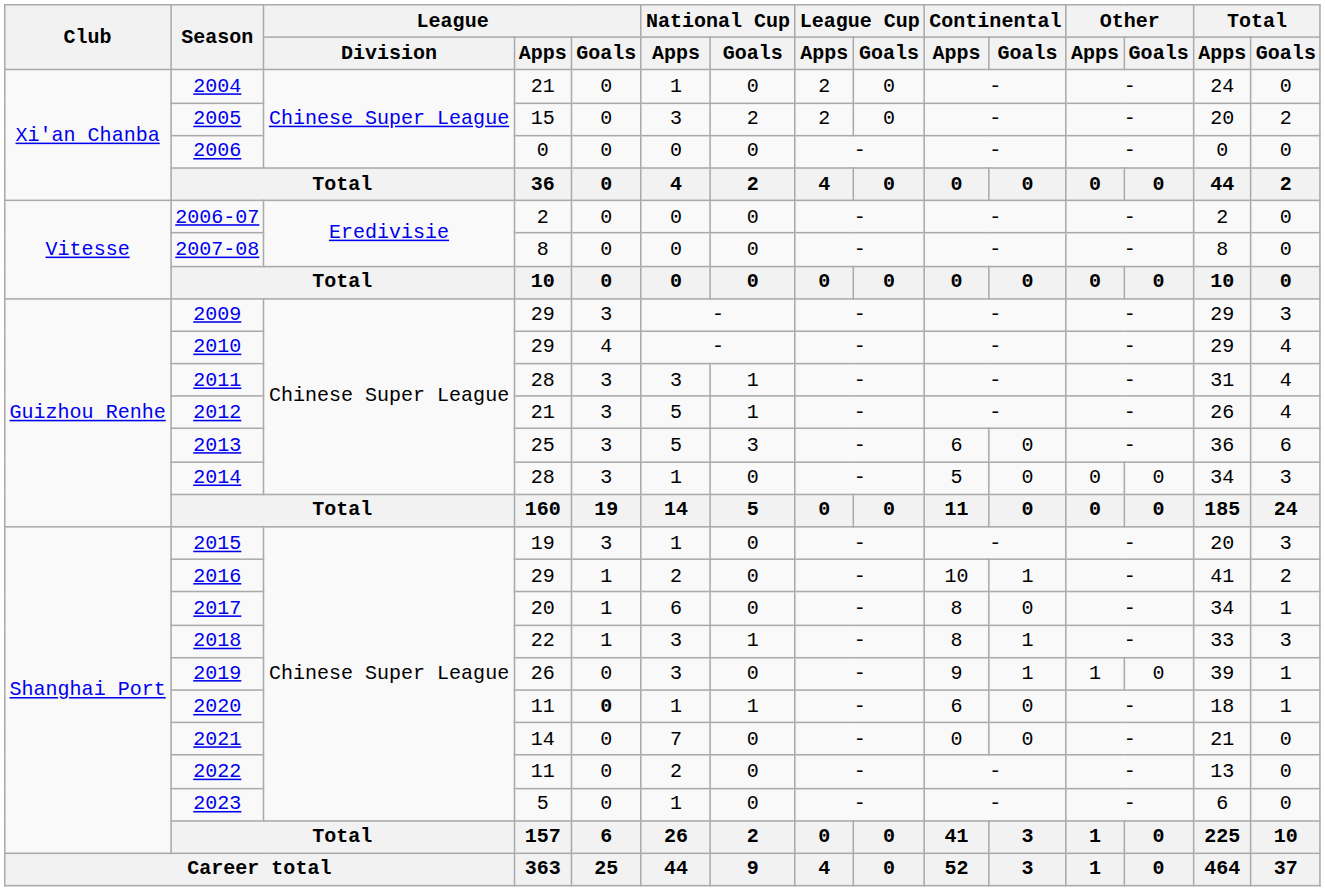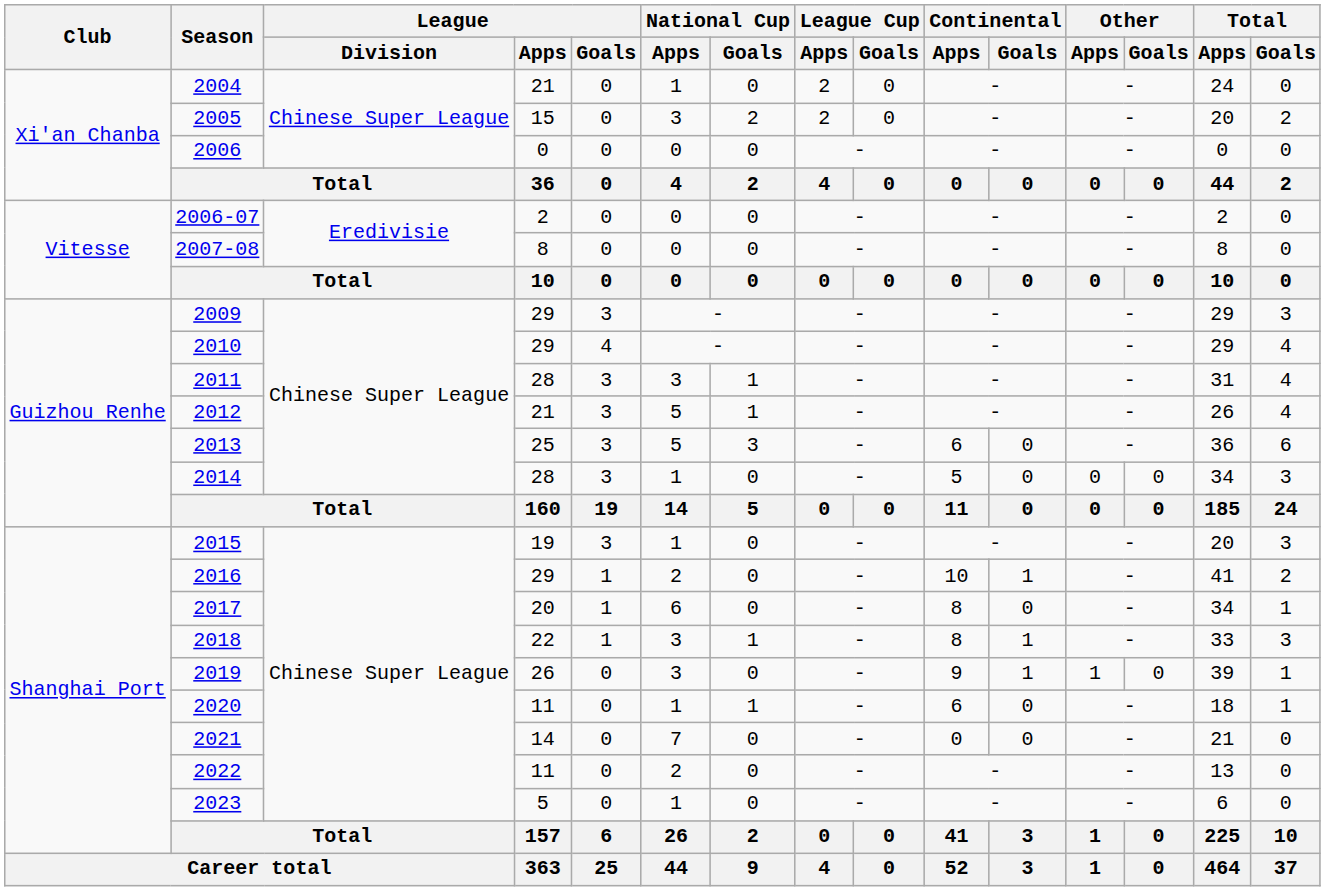 <table class="wikitable" style="text-align: center">
 <tr>
 <th rowspan="2">Club</th>
 <th rowspan="2">Season</th>
 <th colspan="3">League</th>
 <th colspan="2">National Cup</th>
 <th colspan="2">League Cup</th>
 <th colspan="2">Continental</th>
 <th colspan="2">Other</th>
 <th colspan="2">Total</th>
 </tr>
 <tr>
 <th>Division</th>
 <th>Apps</th>
 <th>Goals</th>
 <th>Apps</th>
 <th>Goals</th>
 <th>Apps</th>
 <th>Goals</th>
 <th>Apps</th>
 <th>Goals</th>
 <th>Apps</th>
 <th>Goals</th>
 <th>Apps</th>
 <th>Goals</th>
 </tr>
 <tr>
 <td rowspan=4><a href='#'>Xi'an Chanba</a></td>
 <td><a href='#'>2004</a></td>
 <td rowspan="3"><a href='#'>Chinese Super League</a></td>
 <td>21</td>
 <td>0</td>
 <td>1</td>
 <td>0</td>
 <td>2</td>
 <td>0</td>
 <td colspan="2">-</td>
 <td colspan="2">-</td>
 <td>24</td>
 <td>0</td>
 </tr>
 <tr>
 <td><a href='#'>2005</a></td>
 <td>15</td>
 <td>0</td>
 <td>3</td>
 <td>2</td>
 <td>2</td>
 <td>0</td>
 <td colspan="2">-</td>
 <td colspan="2">-</td>
 <td>20</td>
 <td>2</td>
 </tr>
 <tr>
 <td><a href='#'>2006</a></td>
 <td>0</td>
 <td>0</td>
 <td>0</td>
 <td>0</td>
 <td colspan="2">-</td>
 <td colspan="2">-</td>
 <td colspan="2">-</td>
 <td>0</td>
 <td>0</td>
 </tr>
 <tr>
 <th colspan="2"><strong>Total</strong></th>
 <th>36</th>
 <th>0</th>
 <th>4</th>
 <th>2</th>
 <th>4</th>
 <th>0</th>
 <th>0</th>
 <th>0</th>
 <th>0</th>
 <th>0</th>
 <th>44</th>
 <th>2</th>
 </tr>
 <tr>
 <td rowspan=3><a href='#'>Vitesse</a></td>
 <td><a href='#'>2006-07</a></td>
 <td rowspan="2"><a href='#'>Eredivisie</a></td>
 <td>2</td>
 <td>0</td>
 <td>0</td>
 <td>0</td>
 <td colspan="2">-</td>
 <td colspan="2">-</td>
 <td colspan="2">-</td>
 <td>2</td>
 <td>0</td>
 </tr>
 <tr>
 <td><a href='#'>2007-08</a></td>
 <td>8</td>
 <td>0</td>
 <td>0</td>
 <td>0</td>
 <td colspan="2">-</td>
 <td colspan="2">-</td>
 <td colspan="2">-</td>
 <td>8</td>
 <td>0</td>
 </tr>
 <tr>
 <th colspan="2"><strong>Total</strong></th>
 <th>10</th>
 <th>0</th>
 <th>0</th>
 <th>0</th>
 <th>0</th>
 <th>0</th>
 <th>0</th>
 <th>0</th>
 <th>0</th>
 <th>0</th>
 <th>10</th>
 <th>0</th>
 </tr>
 <tr>
 <td rowspan=7><a href='#'>Guizhou Renhe</a></td>
 <td><a href='#'>2009</a></td>
 <td rowspan=6>Chinese Super League</td>
 <td>29</td>
 <td>3</td>
 <td colspan="2">-</td>
 <td colspan="2">-</td>
 <td colspan="2">-</td>
 <td colspan="2">-</td>
 <td>29</td>
 <td>3</td>
 </tr>
 <tr>
 <td><a href='#'>2010</a></td>
 <td>29</td>
 <td>4</td>
 <td colspan="2">-</td>
 <td colspan="2">-</td>
 <td colspan="2">-</td>
 <td colspan="2">-</td>
 <td>29</td>
 <td>4</td>
 </tr>
 <tr>
 <td><a href='#'>2011</a></td>
 <td>28</td>
 <td>3</td>
 <td>3</td>
 <td>1</td>
 <td colspan="2">-</td>
 <td colspan="2">-</td>
 <td colspan="2">-</td>
 <td>31</td>
 <td>4</td>
 </tr>
 <tr>
 <td><a href='#'>2012</a></td>
 <td>21</td>
 <td>3</td>
 <td>5</td>
 <td>1</td>
 <td colspan="2">-</td>
 <td colspan="2">-</td>
 <td colspan="2">-</td>
 <td>26</td>
 <td>4</td>
 </tr>
 <tr>
 <td><a href='#'>2013</a></td>
 <td>25</td>
 <td>3</td>
 <td>5</td>
 <td>3</td>
 <td colspan="2">-</td>
 <td>6</td>
 <td>0</td>
 <td colspan="2">-</td>
 <td>36</td>
 <td>6</td>
 </tr>
 <tr>
 <td><a href='#'>2014</a></td>
 <td>28</td>
 <td>3</td>
 <td>1</td>
 <td>0</td>
 <td colspan="2">-</td>
 <td>5</td>
 <td>0</td>
 <td>0</td>
 <td>0</td>
 <td>34</td>
 <td>3</td>
 </tr>
 <tr>
 <th colspan="2"><strong>Total</strong></th>
 <th>160</th>
 <th>19</th>
 <th>14</th>
 <th>5</th>
 <th>0</th>
 <th>0</th>
 <th>11</th>
 <th>0</th>
 <th>0</th>
 <th>0</th>
 <th>185</th>
 <th>24</th>
 </tr>
 <tr>
 <td rowspan=10><a href='#'>Shanghai Port</a></td>
 <td><a href='#'>2015</a></td>
 <td rowspan=9>Chinese Super League</td>
 <td>19</td>
 <td>3</td>
 <td>1</td>
 <td>0</td>
 <td colspan="2">-</td>
 <td colspan="2">-</td>
 <td colspan="2">-</td>
 <td>20</td>
 <td>3</td>
 </tr>
 <tr>
 <td><a href='#'>2016</a></td>
 <td>29</td>
 <td>1</td>
 <td>2</td>
 <td>0</td>
 <td colspan="2">-</td>
 <td>10</td>
 <td>1</td>
 <td colspan="2">-</td>
 <td>41</td>
 <td>2</td>
 </tr>
 <tr>
 <td><a href='#'>2017</a></td>
 <td>20</td>
 <td>1</td>
 <td>6</td>
 <td>0</td>
 <td colspan="2">-</td>
 <td>8</td>
 <td>0</td>
 <td colspan="2">-</td>
 <td>34</td>
 <td>1</td>
 </tr>
 <tr>
 <td><a href='#'>2018</a></td>
 <td>22</td>
 <td>1</td>
 <td>3</td>
 <td>1</td>
 <td colspan="2">-</td>
 <td>8</td>
 <td>1</td>
 <td colspan="2">-</td>
 <td>33</td>
 <td>3</td>
 </tr>
 <tr>
 <td><a href='#'>2019</a></td>
 <td>26</td>
 <td>0</td>
 <td>3</td>
 <td>0</td>
 <td colspan="2">-</td>
 <td>9</td>
 <td>1</td>
 <td>1</td>
 <td>0</td>
 <td>39</td>
 <td>1</td>
 </tr>
 <tr>
 <td><a href='#'>2020</a></td>
 <td>11</td>
-<td><strong>0</strong></td>
+<td>0</td>
 <td>1</td>
 <td>1</td>
 <td colspan="2">-</td>
 <td>6</td>
 <td>0</td>
 <td colspan="2">-</td>
 <td>18</td>
 <td>1</td>
 </tr>
 <tr>
 <td><a href='#'>2021</a></td>
 <td>14</td>
 <td>0</td>
 <td>7</td>
 <td>0</td>
 <td colspan="2">-</td>
 <td>0</td>
 <td>0</td>
 <td colspan="2">-</td>
 <td>21</td>
 <td>0</td>
 </tr>
 <tr>
 <td><a href='#'>2022</a></td>
 <td>11</td>
 <td>0</td>
 <td>2</td>
 <td>0</td>
 <td colspan="2">-</td>
 <td colspan="2">-</td>
 <td colspan="2">-</td>
 <td>13</td>
 <td>0</td>
 </tr>
 <tr>
 <td><a href='#'>2023</a></td>
 <td>5</td>
 <td>0</td>
 <td>1</td>
 <td>0</td>
 <td colspan="2">-</td>
 <td colspan="2">-</td>
 <td colspan="2">-</td>
 <td>6</td>
 <td>0</td>
 </tr>
 <tr>
 <th colspan="2"><strong>Total</strong></th>
 <th>157</th>
 <th>6</th>
 <th>26</th>
 <th>2</th>
 <th>0</th>
 <th>0</th>
 <th>41</th>
 <th>3</th>
 <th>1</th>
 <th>0</th>
 <th>225</th>
 <th>10</th>
 </tr>
 <tr>
 <th colspan=3>Career total</th>
 <th>363</th>
 <th>25</th>
 <th>44</th>
 <th>9</th>
 <th>4</th>
 <th>0</th>
 <th>52</th>
 <th>3</th>
 <th>1</th>
 <th>0</th>
 <th>464</th>
 <th>37</th>
 </tr>
 </table>
